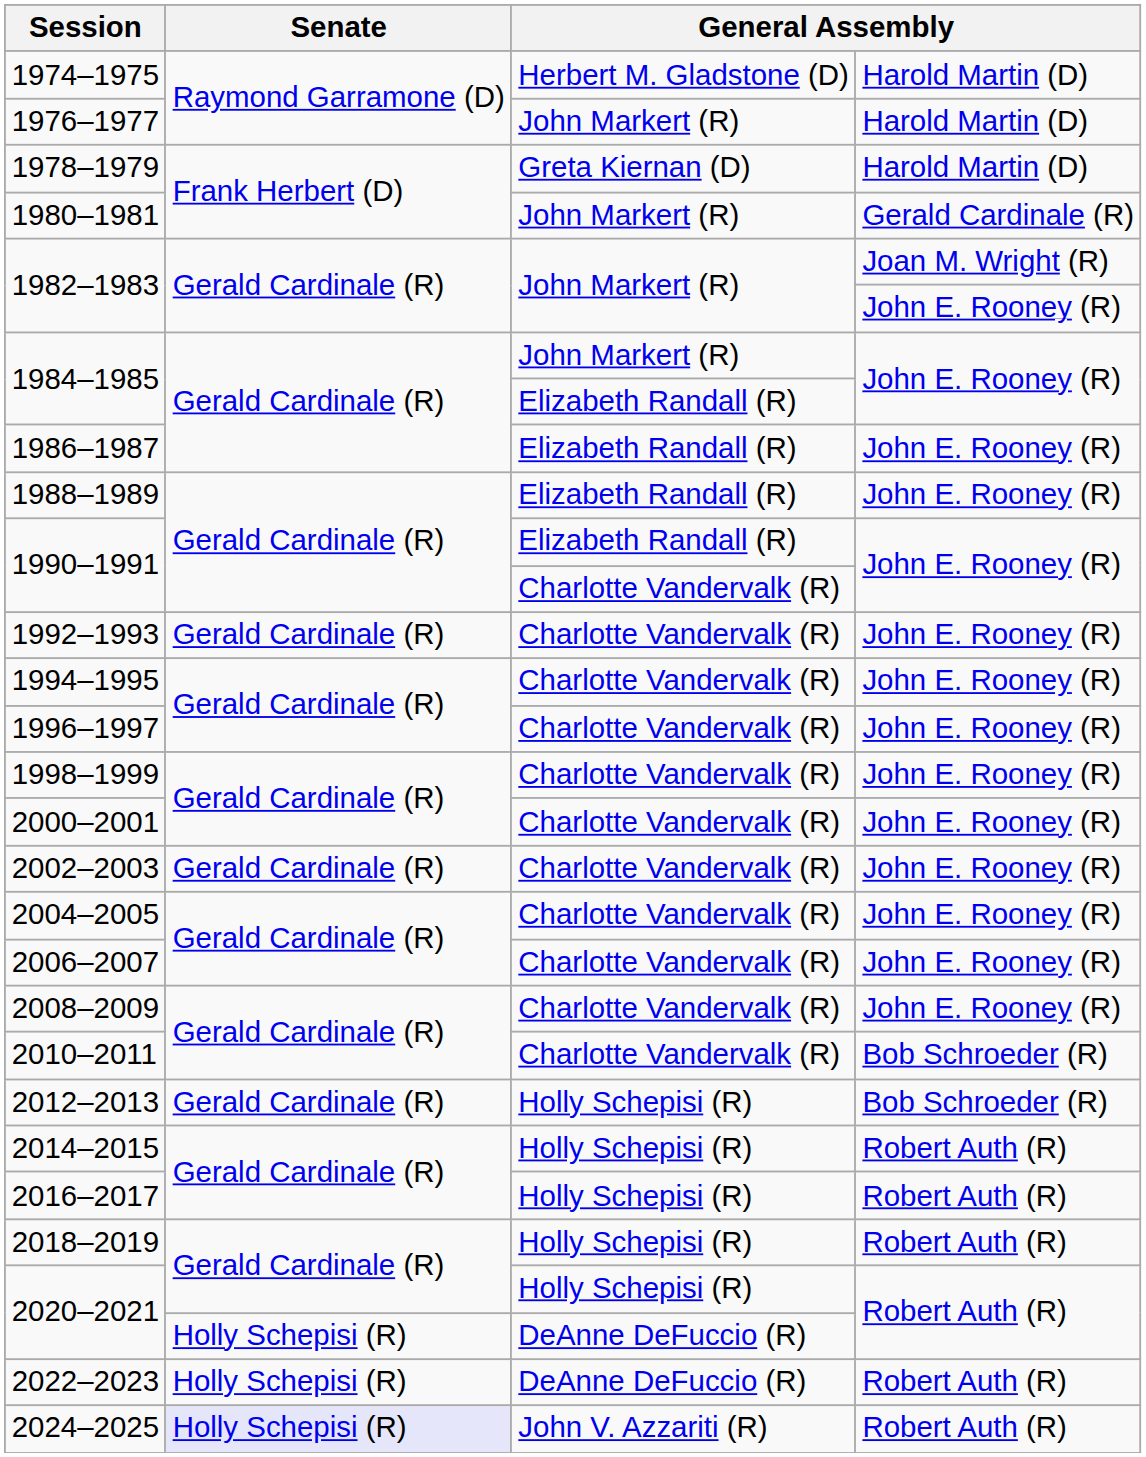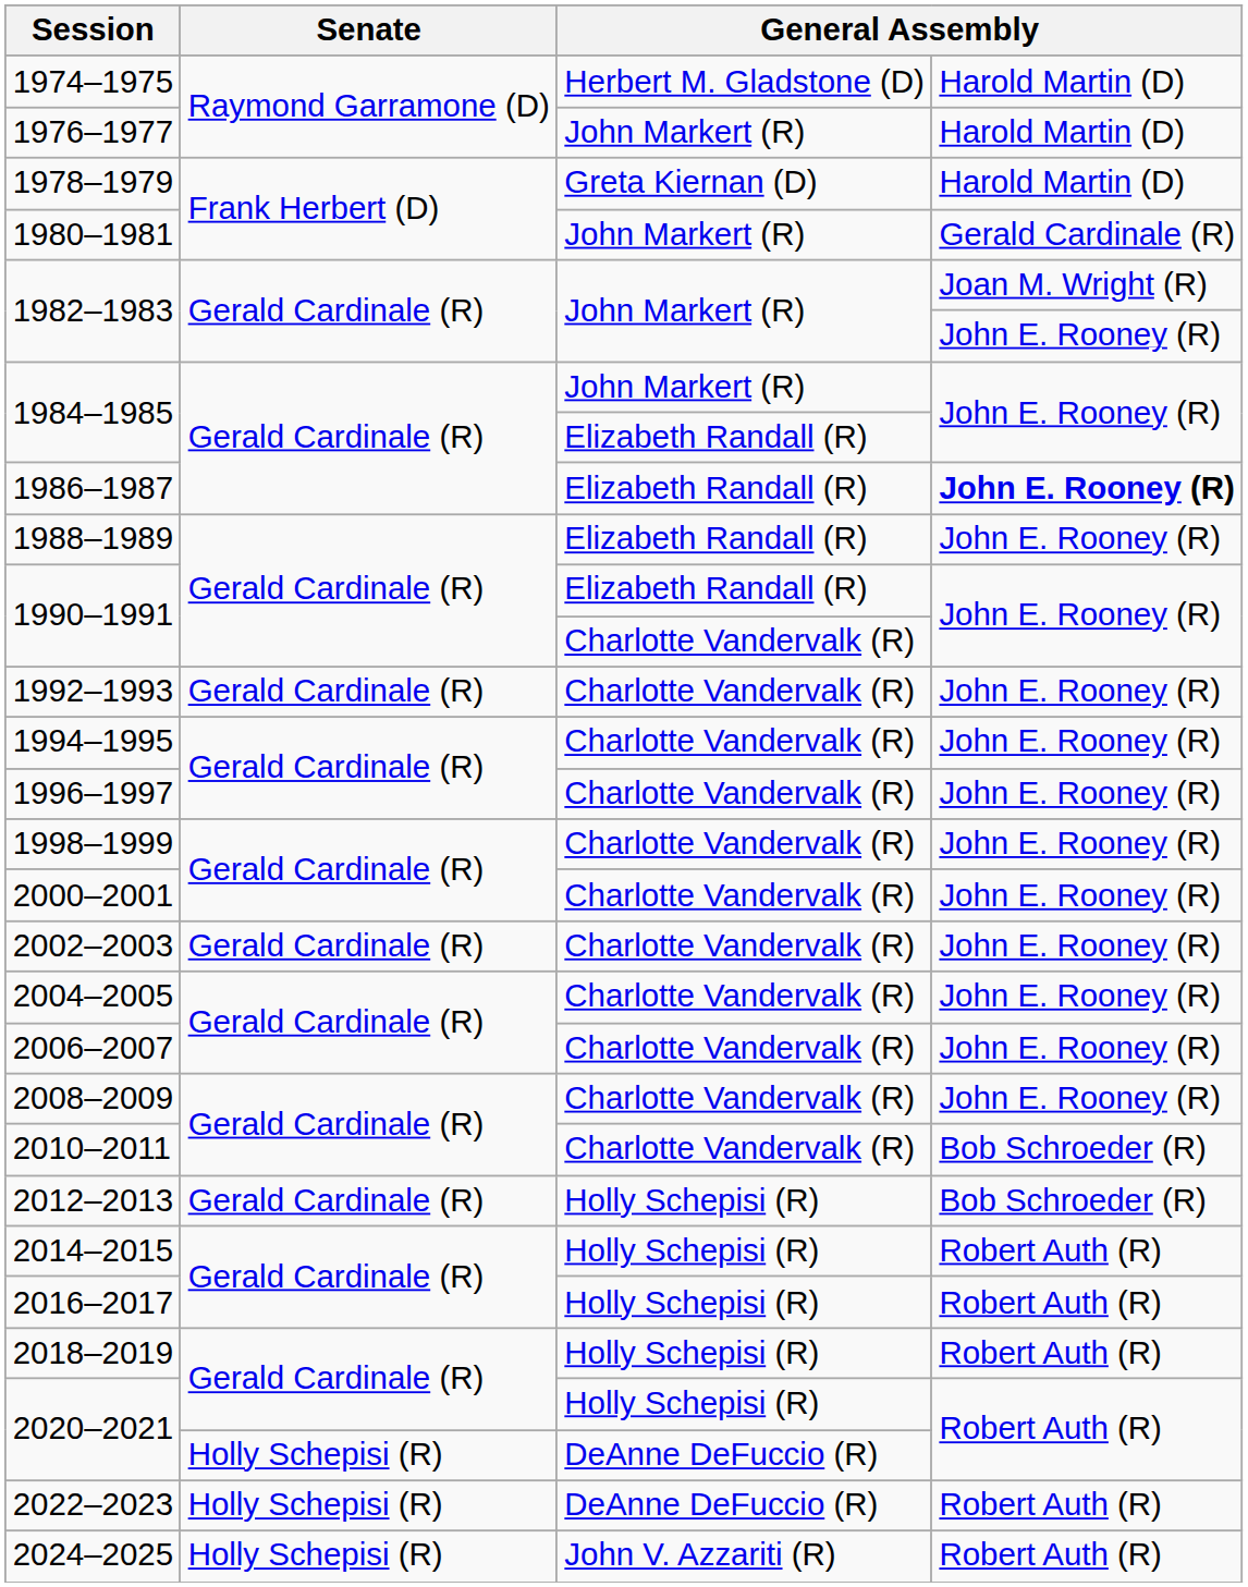 <table class="wikitable">
 <tr>
 <th>Session</th>
 <th>Senate</th>
 <th colspan=2>General Assembly</th>
 </tr>
 <tr>
 <td>1974–1975</td>
 <td rowspan=2 ><a href='#'>Raymond Garramone</a> (D)</td>
 <td><a href='#'>Herbert M. Gladstone</a> (D)</td>
 <td><a href='#'>Harold Martin</a> (D)</td>
 </tr>
 <tr>
 <td>1976–1977</td>
 <td><a href='#'>John Markert</a> (R)</td>
 <td><a href='#'>Harold Martin</a> (D)</td>
 </tr>
 <tr>
 <td>1978–1979</td>
 <td rowspan=2 ><a href='#'>Frank Herbert</a> (D)</td>
 <td><a href='#'>Greta Kiernan</a> (D)</td>
 <td><a href='#'>Harold Martin</a> (D)</td>
 </tr>
 <tr>
 <td>1980–1981</td>
 <td><a href='#'>John Markert</a> (R)</td>
 <td><a href='#'>Gerald Cardinale</a> (R)</td>
 </tr>
 <tr>
 <td rowspan=2>1982–1983</td>
 <td rowspan=2 ><a href='#'>Gerald Cardinale</a> (R)</td>
 <td rowspan=2 ><a href='#'>John Markert</a> (R)</td>
 <td><a href='#'>Joan M. Wright</a> (R)</td>
 </tr>
 <tr>
 <td><a href='#'>John E. Rooney</a> (R)</td>
 </tr>
 <tr>
 <td rowspan=2>1984–1985</td>
 <td rowspan=3 ><a href='#'>Gerald Cardinale</a> (R)</td>
 <td><a href='#'>John Markert</a> (R)</td>
 <td rowspan=2 ><a href='#'>John E. Rooney</a> (R)</td>
 </tr>
 <tr>
 <td><a href='#'>Elizabeth Randall</a> (R)</td>
 </tr>
 <tr>
 <td>1986–1987</td>
 <td><a href='#'>Elizabeth Randall</a> (R)</td>
-<td><a href='#'>John E. Rooney</a> (R)</td>
+<td><strong><a href='#'>John E. Rooney</a> (R)</strong></td>
 </tr>
 <tr>
 <td>1988–1989</td>
 <td rowspan=3 ><a href='#'>Gerald Cardinale</a> (R)</td>
 <td><a href='#'>Elizabeth Randall</a> (R)</td>
 <td><a href='#'>John E. Rooney</a> (R)</td>
 </tr>
 <tr>
 <td rowspan=2>1990–1991</td>
 <td><a href='#'>Elizabeth Randall</a> (R)</td>
 <td rowspan=2 ><a href='#'>John E. Rooney</a> (R)</td>
 </tr>
 <tr>
 <td><a href='#'>Charlotte Vandervalk</a> (R)</td>
 </tr>
 <tr>
 <td>1992–1993</td>
 <td><a href='#'>Gerald Cardinale</a> (R)</td>
 <td><a href='#'>Charlotte Vandervalk</a> (R)</td>
 <td><a href='#'>John E. Rooney</a> (R)</td>
 </tr>
 <tr>
 <td>1994–1995</td>
 <td rowspan=2 ><a href='#'>Gerald Cardinale</a> (R)</td>
 <td><a href='#'>Charlotte Vandervalk</a> (R)</td>
 <td><a href='#'>John E. Rooney</a> (R)</td>
 </tr>
 <tr>
 <td>1996–1997</td>
 <td><a href='#'>Charlotte Vandervalk</a> (R)</td>
 <td><a href='#'>John E. Rooney</a> (R)</td>
 </tr>
 <tr>
 <td>1998–1999</td>
 <td rowspan=2 ><a href='#'>Gerald Cardinale</a> (R)</td>
 <td><a href='#'>Charlotte Vandervalk</a> (R)</td>
 <td><a href='#'>John E. Rooney</a> (R)</td>
 </tr>
 <tr>
 <td>2000–2001</td>
 <td><a href='#'>Charlotte Vandervalk</a> (R)</td>
 <td><a href='#'>John E. Rooney</a> (R)</td>
 </tr>
 <tr>
 <td>2002–2003</td>
 <td><a href='#'>Gerald Cardinale</a> (R)</td>
 <td><a href='#'>Charlotte Vandervalk</a> (R)</td>
 <td><a href='#'>John E. Rooney</a> (R)</td>
 </tr>
 <tr>
 <td>2004–2005</td>
 <td rowspan=2 ><a href='#'>Gerald Cardinale</a> (R)</td>
 <td><a href='#'>Charlotte Vandervalk</a> (R)</td>
 <td><a href='#'>John E. Rooney</a> (R)</td>
 </tr>
 <tr>
 <td>2006–2007</td>
 <td><a href='#'>Charlotte Vandervalk</a> (R)</td>
 <td><a href='#'>John E. Rooney</a> (R)</td>
 </tr>
 <tr>
 <td>2008–2009</td>
 <td rowspan=2 ><a href='#'>Gerald Cardinale</a> (R)</td>
 <td><a href='#'>Charlotte Vandervalk</a> (R)</td>
 <td><a href='#'>John E. Rooney</a> (R)</td>
 </tr>
 <tr>
 <td>2010–2011</td>
 <td><a href='#'>Charlotte Vandervalk</a> (R)</td>
 <td><a href='#'>Bob Schroeder</a> (R)</td>
 </tr>
 <tr>
 <td>2012–2013</td>
 <td><a href='#'>Gerald Cardinale</a> (R)</td>
 <td><a href='#'>Holly Schepisi</a> (R)</td>
 <td><a href='#'>Bob Schroeder</a> (R)</td>
 </tr>
 <tr>
 <td>2014–2015</td>
 <td rowspan=2 ><a href='#'>Gerald Cardinale</a> (R)</td>
 <td><a href='#'>Holly Schepisi</a> (R)</td>
 <td><a href='#'>Robert Auth</a> (R)</td>
 </tr>
 <tr>
 <td>2016–2017</td>
 <td><a href='#'>Holly Schepisi</a> (R)</td>
 <td><a href='#'>Robert Auth</a> (R)</td>
 </tr>
 <tr>
 <td>2018–2019</td>
 <td rowspan=2 ><a href='#'>Gerald Cardinale</a> (R)</td>
 <td><a href='#'>Holly Schepisi</a> (R)</td>
 <td><a href='#'>Robert Auth</a> (R)</td>
 </tr>
 <tr>
 <td rowspan=2>2020–2021</td>
 <td><a href='#'>Holly Schepisi</a> (R)</td>
 <td rowspan=2 ><a href='#'>Robert Auth</a> (R)</td>
 </tr>
 <tr>
 <td><a href='#'>Holly Schepisi</a> (R)</td>
 <td><a href='#'>DeAnne DeFuccio</a> (R)</td>
 </tr>
 <tr>
 <td>2022–2023</td>
 <td><a href='#'>Holly Schepisi</a> (R)</td>
 <td><a href='#'>DeAnne DeFuccio</a> (R)</td>
 <td><a href='#'>Robert Auth</a> (R)</td>
 </tr>
 <tr>
 <td>2024–2025</td>
-<td style="background: lavender;"><a href='#'>Holly Schepisi</a> (R)</td>
+<td><a href='#'>Holly Schepisi</a> (R)</td>
 <td><a href='#'>John V. Azzariti</a> (R)</td>
 <td><a href='#'>Robert Auth</a> (R)</td>
 </tr>
 </table>
